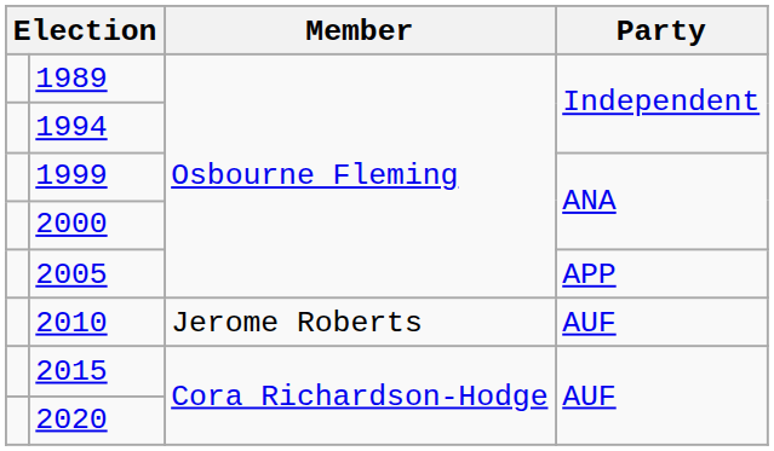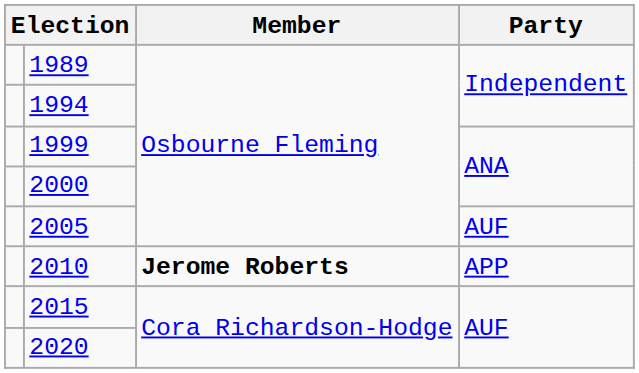 <table class="wikitable">
 <tr>
 <th colspan=2>Election</th>
 <th>Member</th>
 <th>Party</th>
 </tr>
 <tr>
 <td style="background-color: "></td>
 <td><a href='#'>1989</a></td>
 <td rowspan="5"><a href='#'>Osbourne Fleming</a></td>
 <td rowspan="2"><a href='#'>Independent</a></td>
 </tr>
 <tr>
 <td style="background-color: "></td>
 <td><a href='#'>1994</a></td>
 </tr>
 <tr>
 <td style="background-color: "></td>
 <td><a href='#'>1999</a></td>
 <td rowspan="2"><a href='#'>ANA</a></td>
 </tr>
 <tr>
 <td style="background-color: "></td>
 <td><a href='#'>2000</a></td>
 </tr>
 <tr>
 <td style="background-color: "></td>
 <td><a href='#'>2005</a></td>
-<td><a href='#'>APP</a></td>
+<td><a href='#'>AUF</a></td>
 </tr>
 <tr>
 <td style="background-color: "></td>
 <td><a href='#'>2010</a></td>
-<td>Jerome Roberts</td>
-<td><a href='#'>AUF</a></td>
+<td><strong>Jerome Roberts</strong></td>
+<td><a href='#'>APP</a></td>
 </tr>
 <tr>
 <td style="background-color: "></td>
 <td><a href='#'>2015</a></td>
 <td rowspan="2"><a href='#'>Cora Richardson-Hodge</a></td>
 <td rowspan="2"><a href='#'>AUF</a></td>
 </tr>
 <tr>
 <td style="background-color: "></td>
 <td><a href='#'>2020</a></td>
 </tr>
 </table>
